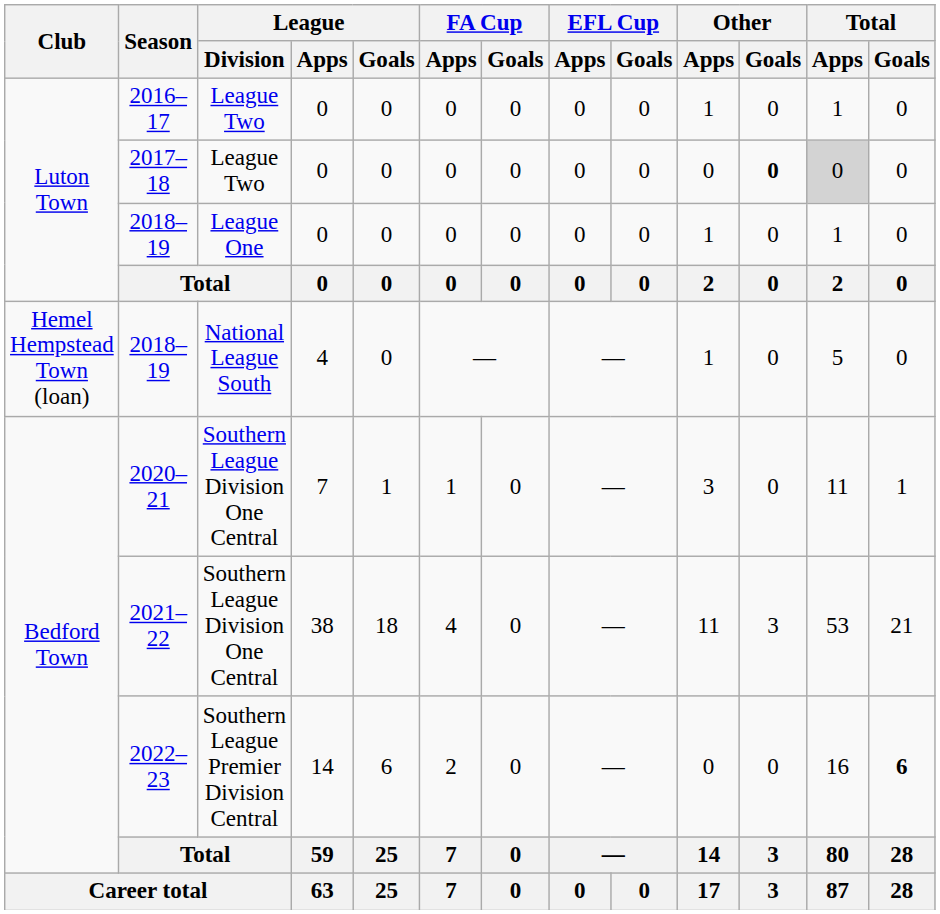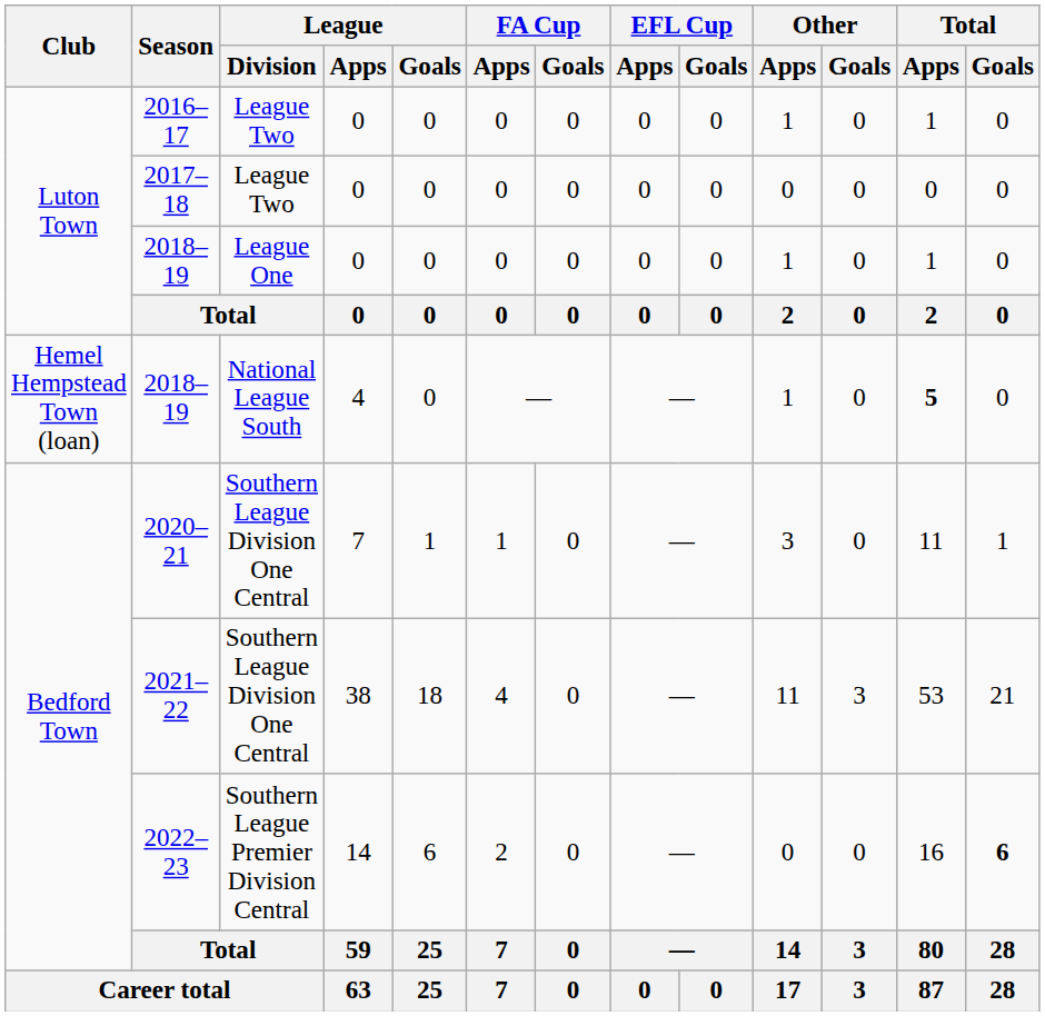 <table class="wikitable" style="text-align:center;">
 <tr>
 <th rowspan="2">Club</th>
 <th rowspan="2">Season</th>
 <th colspan="3">League</th>
 <th colspan="2"><a href='#'>FA Cup</a></th>
 <th colspan="2"><a href='#'>EFL Cup</a></th>
 <th colspan="2">Other</th>
 <th colspan="2">Total</th>
 </tr>
 <tr>
 <th>Division</th>
 <th>Apps</th>
 <th>Goals</th>
 <th>Apps</th>
 <th>Goals</th>
 <th>Apps</th>
 <th>Goals</th>
 <th>Apps</th>
 <th>Goals</th>
 <th>Apps</th>
 <th>Goals</th>
 </tr>
 <tr>
 <td rowspan="4"><a href='#'>Luton Town</a></td>
 <td><a href='#'>2016–17</a></td>
 <td><a href='#'>League Two</a></td>
 <td>0</td>
 <td>0</td>
 <td>0</td>
 <td>0</td>
 <td>0</td>
 <td>0</td>
 <td>1</td>
 <td>0</td>
 <td>1</td>
 <td>0</td>
 </tr>
 <tr>
 <td><a href='#'>2017–18</a></td>
 <td>League Two</td>
 <td>0</td>
 <td>0</td>
 <td>0</td>
 <td>0</td>
 <td>0</td>
 <td>0</td>
 <td>0</td>
-<td><strong>0</strong></td>
-<td style="background: lightgrey;">0</td>
+<td>0</td>
+<td>0</td>
 <td>0</td>
 </tr>
 <tr>
 <td><a href='#'>2018–19</a></td>
 <td><a href='#'>League One</a></td>
 <td>0</td>
 <td>0</td>
 <td>0</td>
 <td>0</td>
 <td>0</td>
 <td>0</td>
 <td>1</td>
 <td>0</td>
 <td>1</td>
 <td>0</td>
 </tr>
 <tr>
 <th colspan="2">Total</th>
 <th>0</th>
 <th>0</th>
 <th>0</th>
 <th>0</th>
 <th>0</th>
 <th>0</th>
 <th>2</th>
 <th>0</th>
 <th>2</th>
 <th>0</th>
 </tr>
 <tr>
 <td><a href='#'>Hemel Hempstead Town</a> (loan)</td>
 <td><a href='#'>2018–19</a></td>
 <td><a href='#'>National League South</a></td>
 <td>4</td>
 <td>0</td>
 <td colspan="2">—</td>
 <td colspan="2">—</td>
 <td>1</td>
 <td>0</td>
-<td>5</td>
+<td><strong>5</strong></td>
 <td>0</td>
 </tr>
 <tr>
 <td rowspan="4"><a href='#'>Bedford Town</a></td>
 <td><a href='#'>2020–21</a></td>
 <td><a href='#'>Southern League</a> Division One Central</td>
 <td>7</td>
 <td>1</td>
 <td>1</td>
 <td>0</td>
 <td colspan="2">—</td>
 <td>3</td>
 <td>0</td>
 <td>11</td>
 <td>1</td>
 </tr>
 <tr>
 <td><a href='#'>2021–22</a></td>
 <td>Southern League Division One Central</td>
 <td>38</td>
 <td>18</td>
 <td>4</td>
 <td>0</td>
 <td colspan="2">—</td>
 <td>11</td>
 <td>3</td>
 <td>53</td>
 <td>21</td>
 </tr>
 <tr>
 <td><a href='#'>2022–23</a></td>
 <td>Southern League Premier Division Central</td>
 <td>14</td>
 <td>6</td>
 <td>2</td>
 <td>0</td>
 <td colspan="2">—</td>
 <td>0</td>
 <td>0</td>
 <td>16</td>
 <td><strong>6</strong></td>
 </tr>
 <tr>
 <th colspan="2">Total</th>
 <th>59</th>
 <th>25</th>
 <th>7</th>
 <th>0</th>
 <th colspan="2">—</th>
 <th>14</th>
 <th>3</th>
 <th>80</th>
 <th>28</th>
 </tr>
 <tr>
 <th colspan="3">Career total</th>
 <th>63</th>
 <th>25</th>
 <th>7</th>
 <th>0</th>
 <th>0</th>
 <th>0</th>
 <th>17</th>
 <th>3</th>
 <th>87</th>
 <th>28</th>
 </tr>
 </table>
